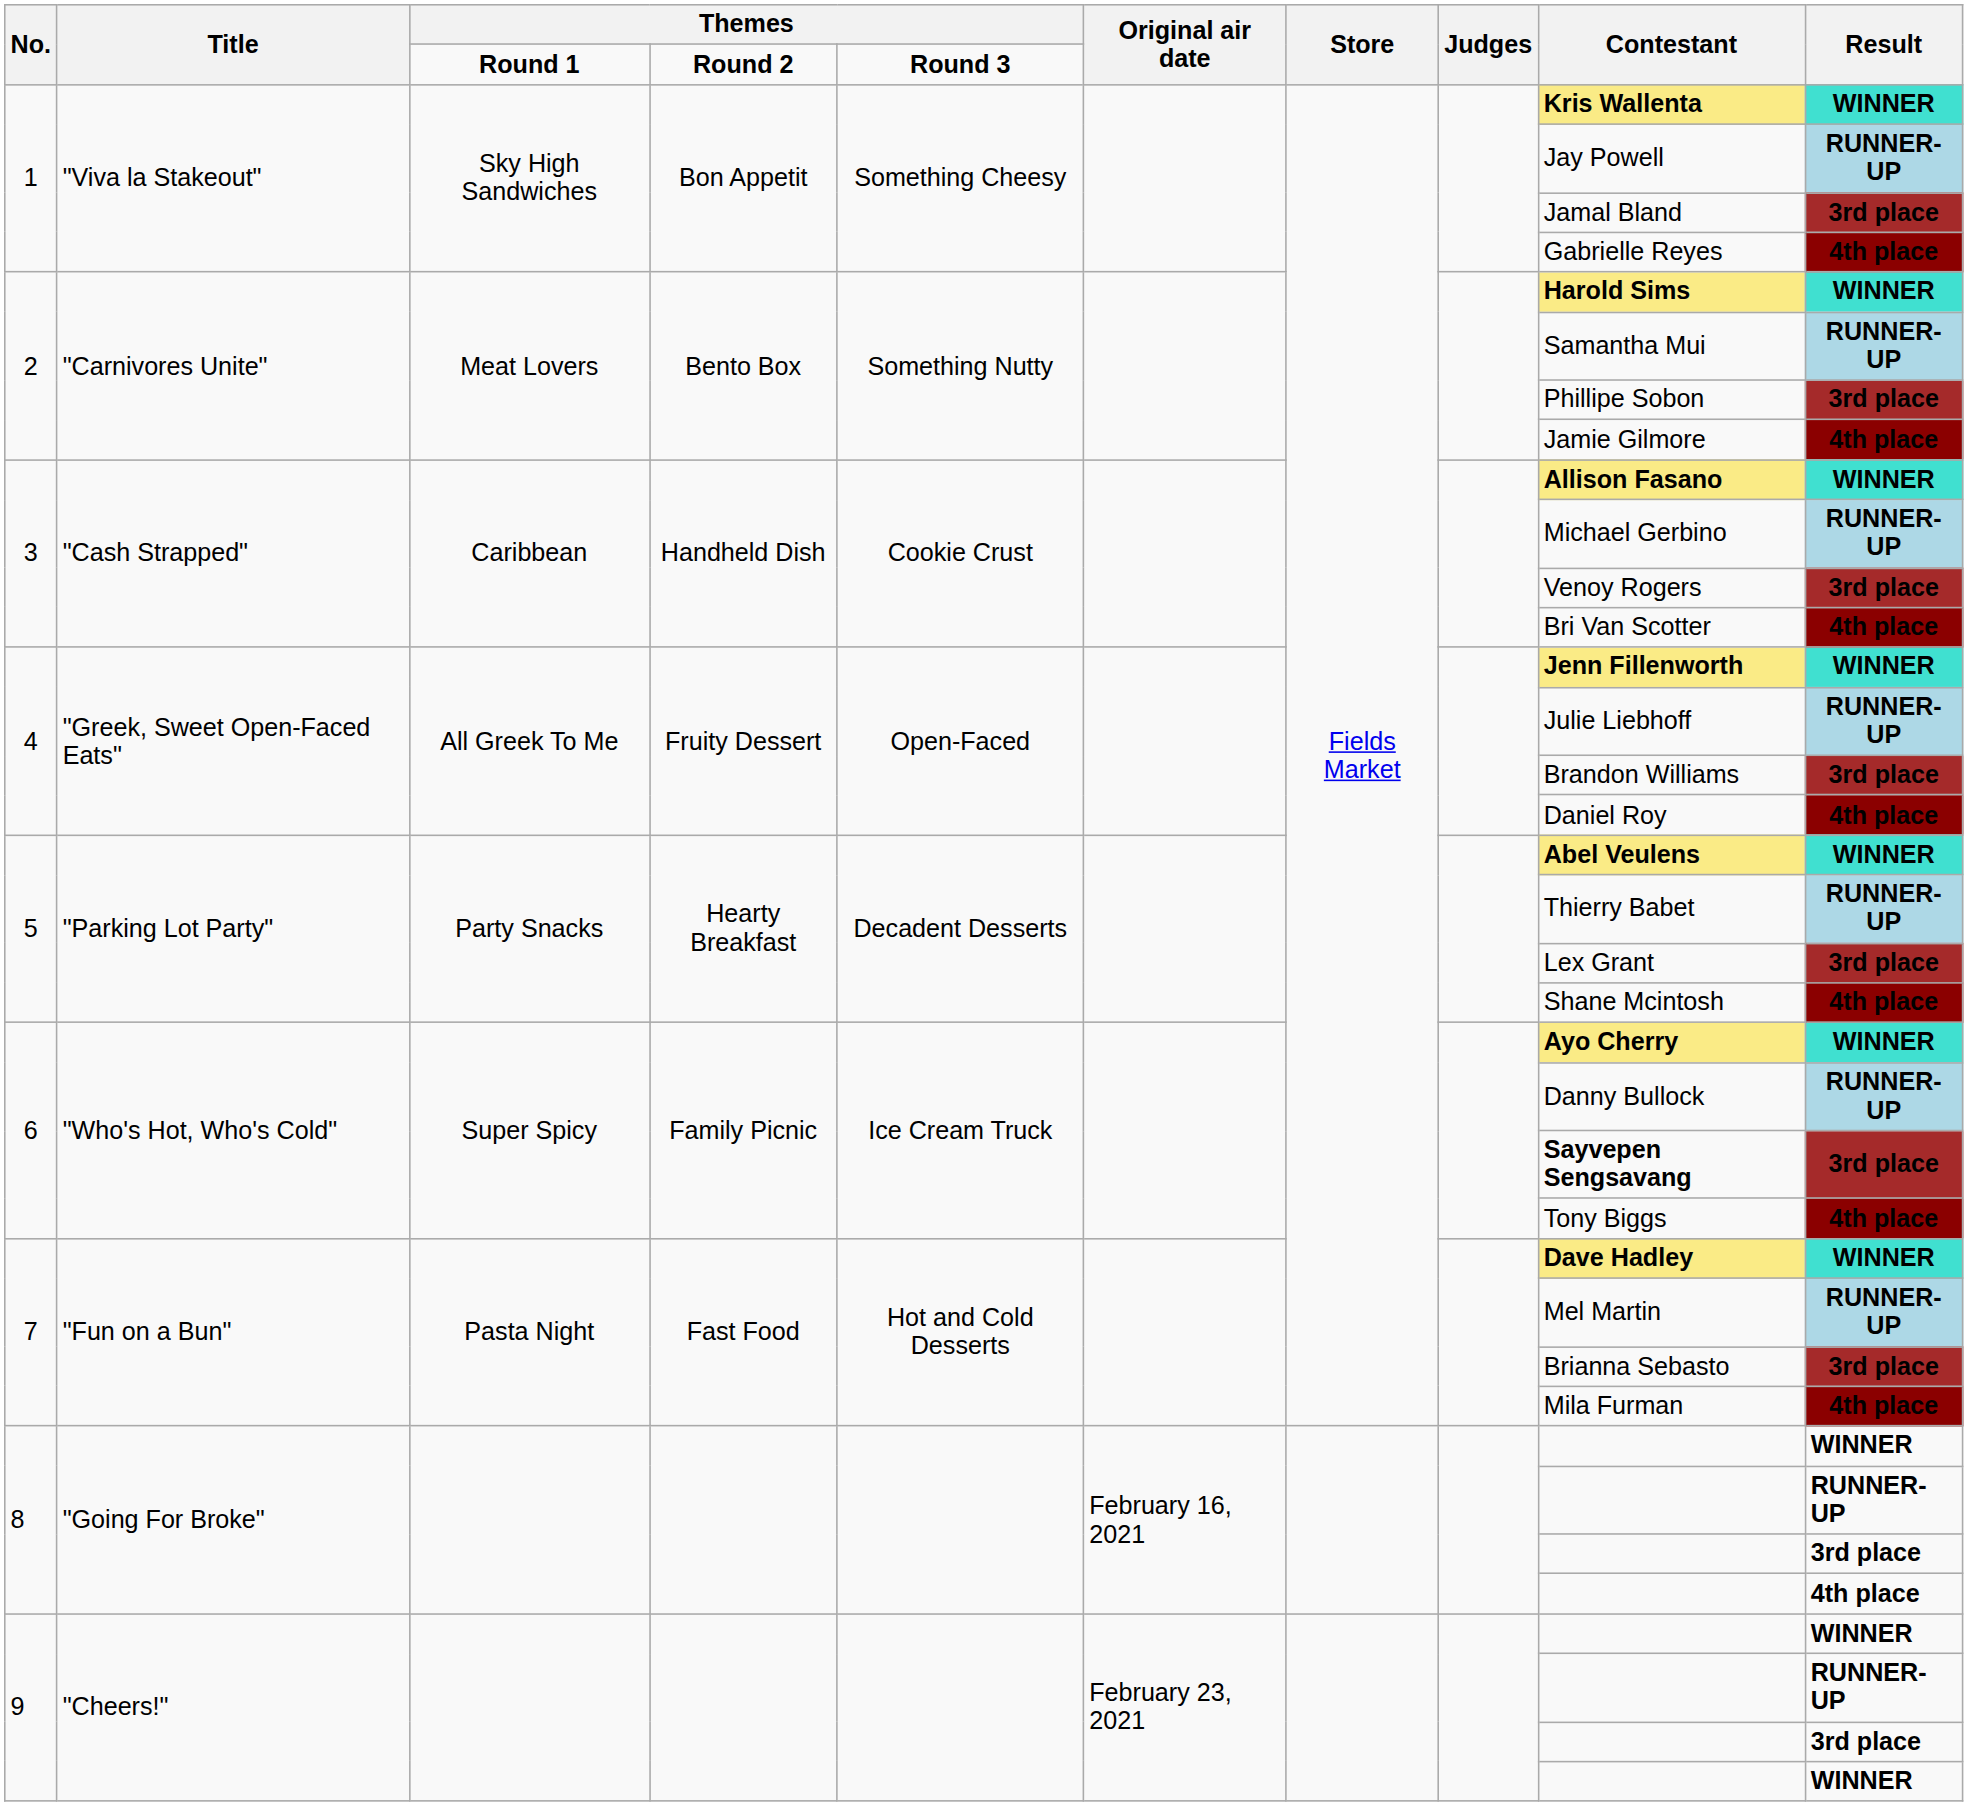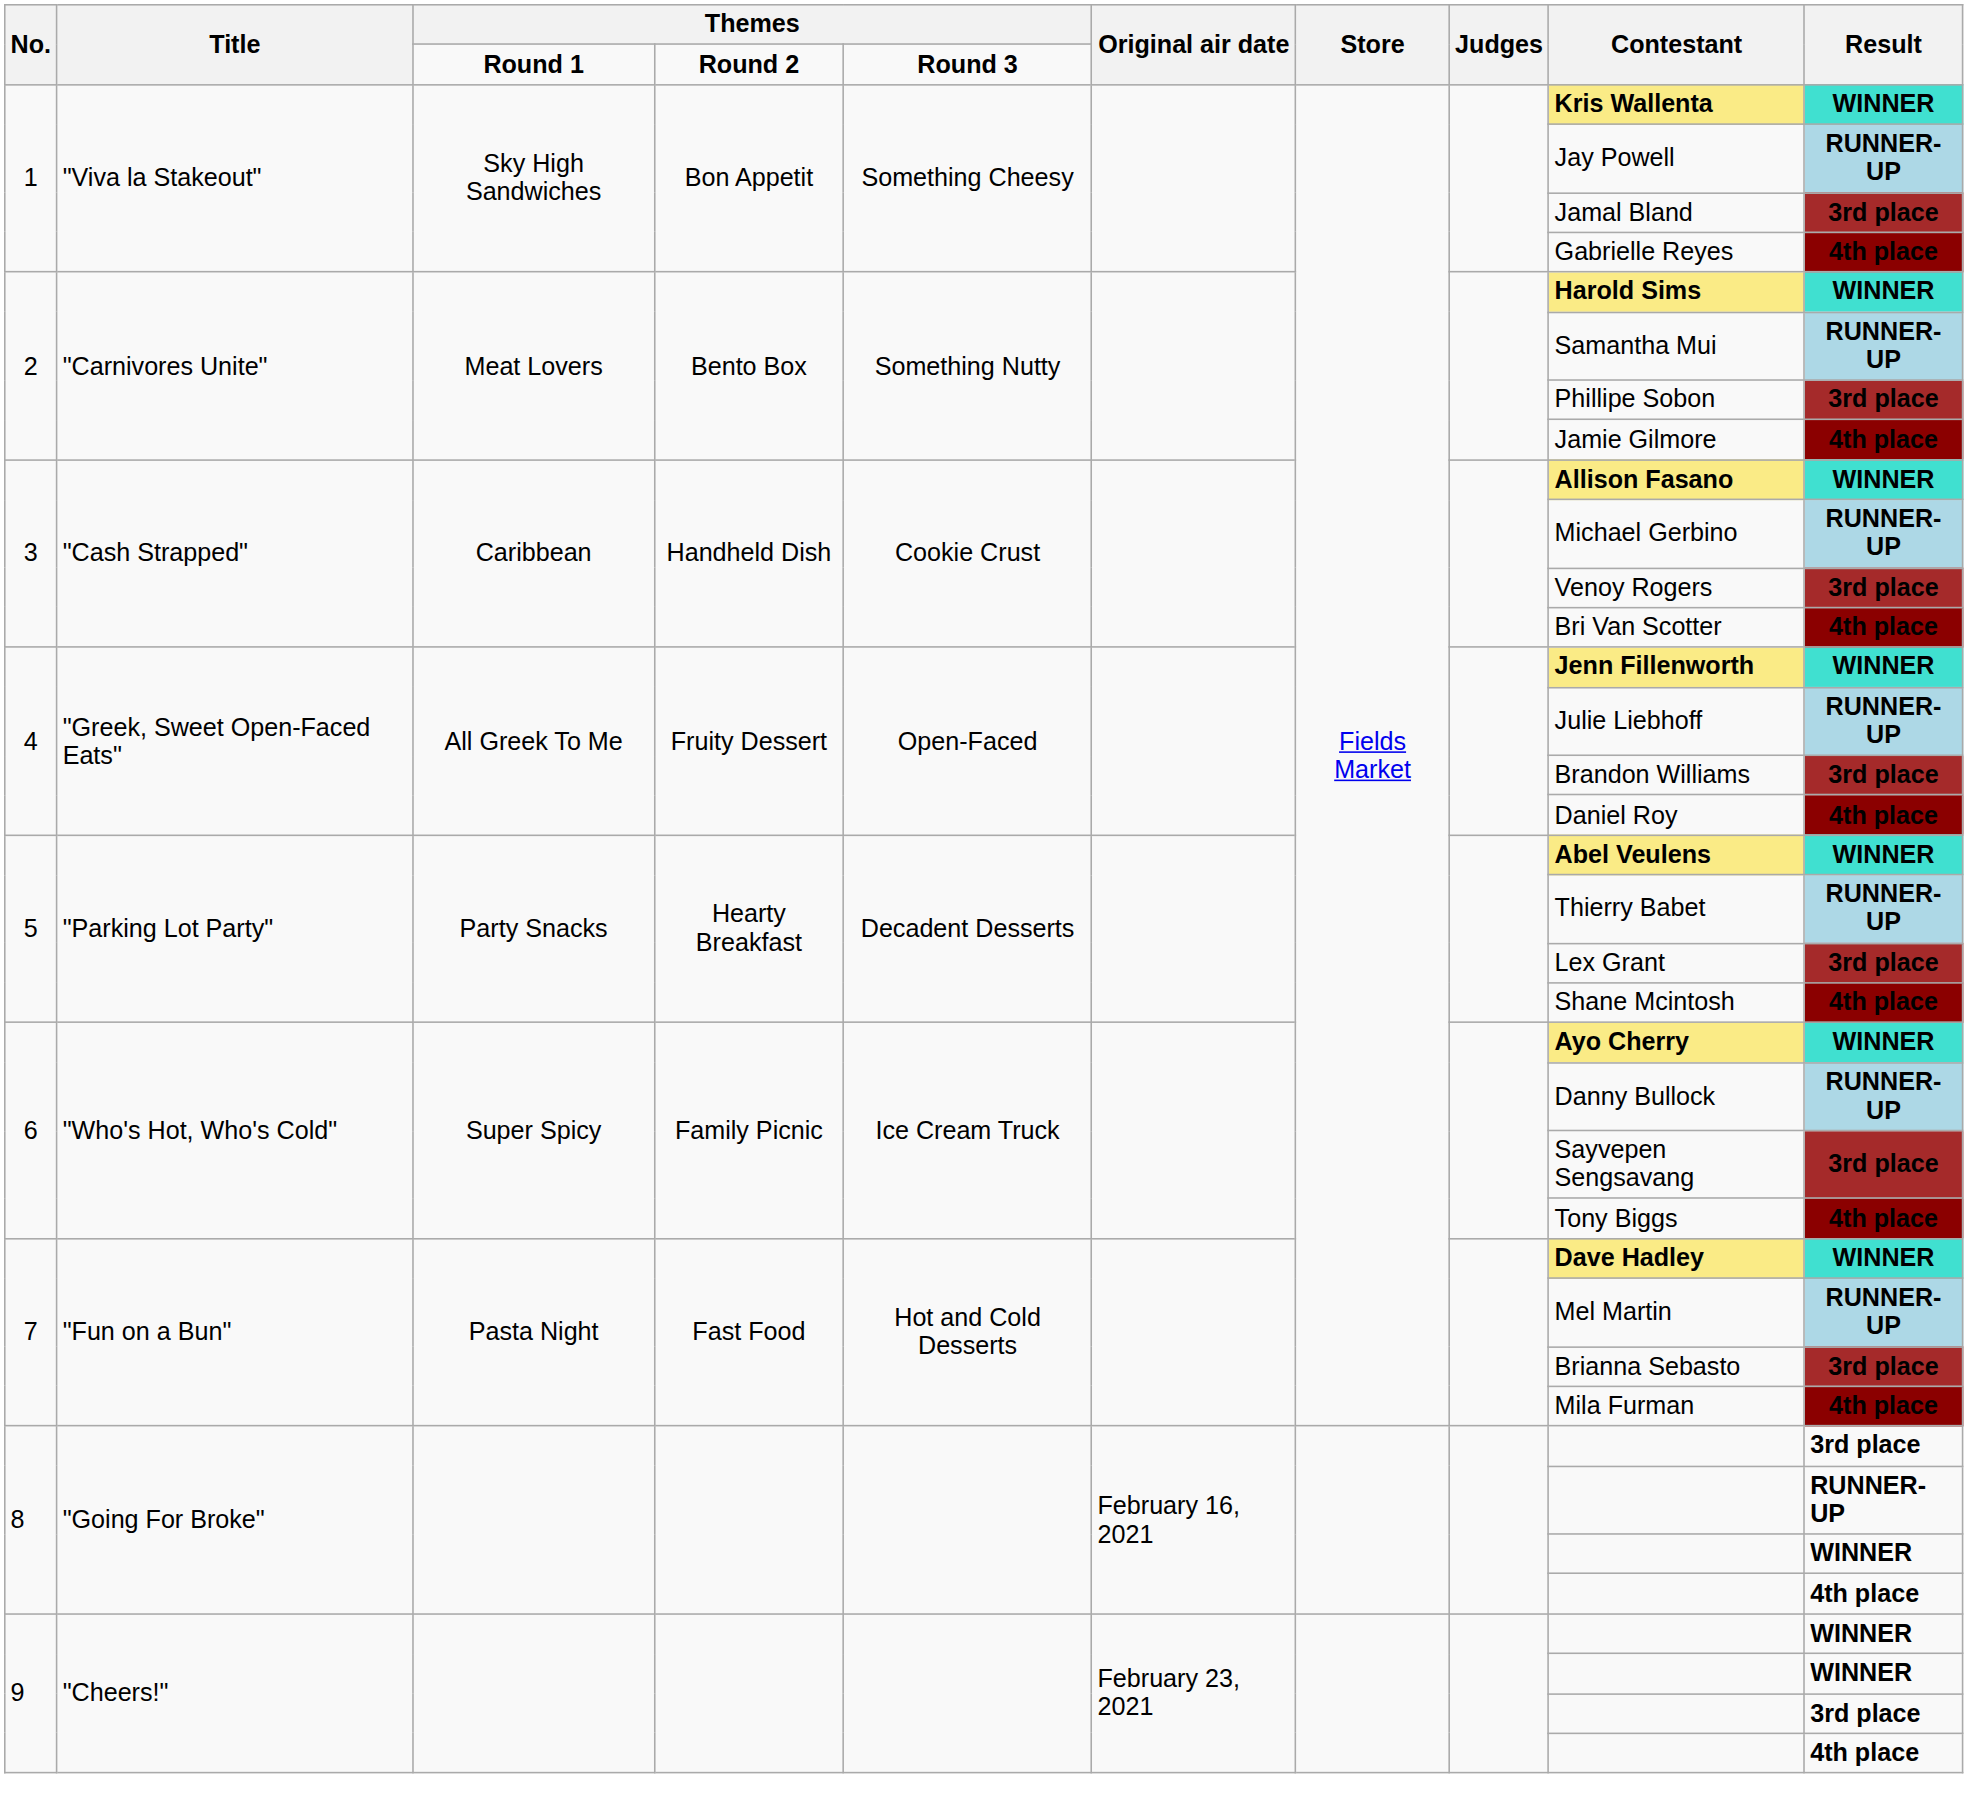 <table class="wikitable">
 <tr align=center>
 <th rowspan=2>No.</th>
 <th rowspan=2>Title</th>
 <th colspan=3>Themes</th>
 <th rowspan=2>Original air date</th>
 <th rowspan=2>Store </th>
 <th rowspan=2>Judges</th>
 <th rowspan=2>Contestant</th>
 <th rowspan=2>Result</th>
 </tr>
 <tr align=center>
 <td><strong>Round 1</strong></td>
 <td><strong>Round 2</strong></td>
 <td><strong>Round 3</strong></td>
 </tr>
 <tr>
 <td rowspan=4 align=center>1</td>
 <td rowspan=4>"Viva la Stakeout"</td>
 <td rowspan=4 align=center>Sky High Sandwiches</td>
 <td rowspan=4 align=center>Bon Appetit</td>
 <td rowspan=4 align=center>Something Cheesy</td>
 <td rowspan=4 align=center valign=center></td>
 <td rowspan=28 align=center valign=center><a href='#'>Fields Market</a> </td>
 <td rowspan=4 valign=center></td>
 <td style="background:#FAEB86"><strong>Kris Wallenta</strong></td>
 <td align=center valign=center style="background:turquoise;"><strong>WINNER</strong></td>
 </tr>
 <tr>
 <td>Jay Powell</td>
 <td align=center valign=center style="background:lightblue;"><strong>RUNNER-UP</strong></td>
 </tr>
 <tr>
 <td>Jamal Bland</td>
 <td align=center valign=center style="background:brown;"><strong>3rd place</strong></td>
 </tr>
 <tr>
 <td>Gabrielle Reyes</td>
 <td align=center valign=center style="background:darkred;"><strong>4th place</strong></td>
 </tr>
 <tr>
 <td rowspan=4 align=center>2</td>
 <td rowspan=4>"Carnivores Unite"</td>
 <td rowspan=4 align=center>Meat Lovers</td>
 <td rowspan=4 align=center>Bento Box</td>
 <td rowspan=4 align=center>Something Nutty</td>
 <td rowspan=4 align=center valign=center></td>
 <td rowspan=4 valign=center></td>
 <td style="background:#FAEB86"><strong>Harold Sims</strong></td>
 <td align=center valign=center style="background:turquoise;"><strong>WINNER</strong></td>
 </tr>
 <tr>
 <td>Samantha Mui</td>
 <td align=center valign=center style="background:lightblue;"><strong>RUNNER-UP</strong></td>
 </tr>
 <tr>
 <td>Phillipe Sobon</td>
 <td align=center valign=center style="background:brown;"><strong>3rd place</strong></td>
 </tr>
 <tr>
 <td>Jamie Gilmore</td>
 <td align=center valign=center style="background:darkred;"><strong>4th place</strong></td>
 </tr>
 <tr>
 <td rowspan=4 align=center>3</td>
 <td rowspan=4>"Cash Strapped"</td>
 <td rowspan=4 align=center>Caribbean</td>
 <td rowspan=4 align=center>Handheld Dish</td>
 <td rowspan=4 align=center>Cookie Crust</td>
 <td rowspan=4 align=center valign=center></td>
 <td rowspan=4 valign=center></td>
 <td style="background:#FAEB86"><strong>Allison Fasano</strong></td>
 <td align=center valign=center style="background:turquoise;"><strong>WINNER</strong></td>
 </tr>
 <tr>
 <td>Michael Gerbino</td>
 <td align=center valign=center style="background:lightblue;"><strong>RUNNER-UP</strong></td>
 </tr>
 <tr>
 <td>Venoy Rogers</td>
 <td align=center valign=center style="background:brown;"><strong>3rd place</strong></td>
 </tr>
 <tr>
 <td>Bri Van Scotter</td>
 <td align=center valign=center style="background:darkred;"><strong>4th place</strong></td>
 </tr>
 <tr>
 <td rowspan=4 align=center>4</td>
 <td rowspan=4>"Greek, Sweet Open-Faced Eats"</td>
 <td rowspan=4 align=center>All Greek To Me</td>
 <td rowspan=4 align=center>Fruity Dessert</td>
 <td rowspan=4 align=center>Open-Faced</td>
 <td rowspan=4 align=center valign=center></td>
 <td rowspan=4 valign=center></td>
 <td style="background:#FAEB86"><strong>Jenn Fillenworth</strong></td>
 <td align=center valign=center style="background:turquoise;"><strong>WINNER</strong></td>
 </tr>
 <tr>
 <td>Julie Liebhoff</td>
 <td align=center valign=center style="background:lightblue;"><strong>RUNNER-UP</strong></td>
 </tr>
 <tr>
 <td>Brandon Williams</td>
 <td align=center valign=center style="background:brown;"><strong>3rd place</strong></td>
 </tr>
 <tr>
 <td>Daniel Roy</td>
 <td align=center valign=center style="background:darkred;"><strong>4th place</strong></td>
 </tr>
 <tr>
 <td rowspan=4 align=center>5</td>
 <td rowspan=4>"Parking Lot Party"</td>
 <td rowspan=4 align=center>Party Snacks</td>
 <td rowspan=4 align=center>Hearty Breakfast</td>
 <td rowspan=4 align=center>Decadent Desserts</td>
 <td rowspan=4 align=center valign=center></td>
 <td rowspan=4 valign=center></td>
 <td style="background:#FAEB86"><strong>Abel Veulens</strong></td>
 <td align=center valign=center style="background:turquoise;"><strong>WINNER</strong></td>
 </tr>
 <tr>
 <td>Thierry Babet</td>
 <td align=center valign=center style="background:lightblue;"><strong>RUNNER-UP</strong></td>
 </tr>
 <tr>
 <td>Lex Grant</td>
 <td align=center valign=center style="background:brown;"><strong>3rd place</strong></td>
 </tr>
 <tr>
 <td>Shane Mcintosh</td>
 <td align=center valign=center style="background:darkred;"><strong>4th place</strong></td>
 </tr>
 <tr>
 <td rowspan=4 align=center>6</td>
 <td rowspan=4>"Who's Hot, Who's Cold"</td>
 <td rowspan=4 align=center>Super Spicy</td>
 <td rowspan=4 align=center>Family Picnic</td>
 <td rowspan=4 align=center>Ice Cream Truck</td>
 <td rowspan=4 align=center valign=center></td>
 <td rowspan=4 valign=center></td>
 <td style="background:#FAEB86"><strong>Ayo Cherry</strong></td>
 <td align=center valign=center style="background:turquoise;"><strong>WINNER</strong></td>
 </tr>
 <tr>
 <td>Danny Bullock</td>
 <td align=center valign=center style="background:lightblue;"><strong>RUNNER-UP</strong></td>
 </tr>
 <tr>
-<td><strong>Sayvepen Sengsavang</strong></td>
+<td>Sayvepen Sengsavang</td>
 <td align=center valign=center style="background:brown;"><strong>3rd place</strong></td>
 </tr>
 <tr>
 <td>Tony Biggs</td>
 <td align=center valign=center style="background:darkred;"><strong>4th place</strong></td>
 </tr>
 <tr>
 <td rowspan=4 align=center>7</td>
 <td rowspan=4>"Fun on a Bun"</td>
 <td rowspan=4 align=center>Pasta Night</td>
 <td rowspan=4 align=center>Fast Food</td>
 <td rowspan=4 align=center>Hot and Cold Desserts</td>
 <td rowspan=4 align=center valign=center></td>
 <td rowspan=4 valign=center></td>
 <td style="background:#FAEB86"><strong>Dave Hadley</strong></td>
 <td align=center valign=center style="background:turquoise;"><strong>WINNER</strong></td>
 </tr>
 <tr>
 <td>Mel Martin</td>
 <td align=center valign=center style="background:lightblue;"><strong>RUNNER-UP</strong></td>
 </tr>
 <tr>
 <td>Brianna Sebasto</td>
 <td align=center valign=center style="background:brown;"><strong>3rd place</strong></td>
 </tr>
 <tr>
 <td>Mila Furman</td>
 <td align=center valign=center style="background:darkred;"><strong>4th place</strong></td>
 </tr>
 <tr>
 <td rowspan="4">8</td>
 <td rowspan="4">"Going For Broke"</td>
 <td rowspan="4"></td>
 <td rowspan="4"></td>
 <td rowspan="4"></td>
 <td rowspan="4">February 16, 2021</td>
 <td rowspan="4"></td>
 <td rowspan="4"></td>
 <td></td>
-<td><strong>WINNER</strong></td>
+<td><strong>3rd place</strong></td>
 </tr>
 <tr>
 <td></td>
 <td><strong>RUNNER-UP</strong></td>
 </tr>
 <tr>
 <td></td>
-<td><strong>3rd place</strong></td>
+<td><strong>WINNER</strong></td>
 </tr>
 <tr>
 <td></td>
 <td><strong>4th place</strong></td>
 </tr>
 <tr>
 <td rowspan="4">9</td>
 <td rowspan="4">"Cheers!"</td>
 <td rowspan="4"></td>
 <td rowspan="4"></td>
 <td rowspan="4"></td>
 <td rowspan="4">February 23, 2021</td>
 <td rowspan="4"></td>
 <td rowspan="4"></td>
 <td></td>
 <td><strong>WINNER</strong></td>
 </tr>
 <tr>
 <td></td>
-<td><strong>RUNNER-UP</strong></td>
+<td><strong>WINNER</strong></td>
 </tr>
 <tr>
 <td></td>
 <td><strong>3rd place</strong></td>
 </tr>
 <tr>
 <td></td>
-<td><strong>WINNER</strong></td>
+<td><strong>4th place</strong></td>
 </tr>
 </table>
